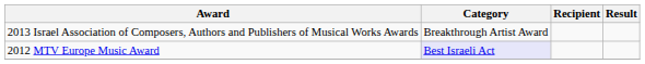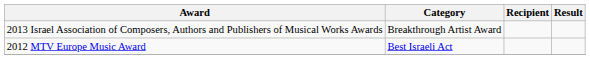 <table class="wikitable">
 <tr>
 <th>Award</th>
 <th>Category</th>
 <th>Recipient</th>
 <th>Result</th>
 </tr>
 <tr>
 <td>2013 Israel Association of Composers, Authors and Publishers of Musical Works Awards</td>
 <td>Breakthrough Artist Award</td>
 <td></td>
 <td></td>
 </tr>
 <tr>
 <td>2012 <a href='#'>MTV Europe Music Award</a></td>
-<td style="background: lavender;"><a href='#'>Best Israeli Act</a></td>
+<td><a href='#'>Best Israeli Act</a></td>
 <td></td>
 <td></td>
 </tr>
 <tr>
 </tr>
 </table>
